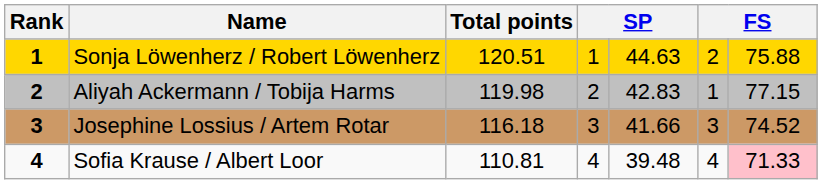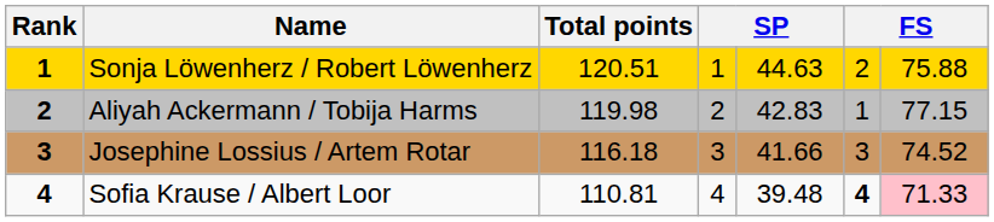 <table class="wikitable sortable">
 <tr>
 <th>Rank</th>
 <th>Name</th>
 <th>Total points</th>
 <th colspan="2" width="80px"><a href='#'>SP</a></th>
 <th colspan="2" width="80px"><a href='#'>FS</a></th>
 </tr>
 <tr bgcolor="gold">
 <td align="center"><strong>1</strong></td>
 <td>Sonja Löwenherz / Robert Löwenherz</td>
 <td align="center">120.51</td>
 <td align="center">1</td>
 <td align="center">44.63</td>
 <td align="center">2</td>
 <td align="center">75.88</td>
 </tr>
 <tr bgcolor="silver">
 <td align="center"><strong>2</strong></td>
 <td>Aliyah Ackermann / Tobija Harms</td>
 <td align="center">119.98</td>
 <td align="center">2</td>
 <td align="center">42.83</td>
 <td align="center">1</td>
 <td align="center">77.15</td>
 </tr>
 <tr bgcolor="cc9966">
 <td align="center"><strong>3</strong></td>
 <td>Josephine Lossius / Artem Rotar</td>
 <td align="center">116.18</td>
 <td align="center">3</td>
 <td align="center">41.66</td>
 <td align="center">3</td>
 <td align="center">74.52</td>
 </tr>
 <tr>
 <td align="center"><strong>4</strong></td>
 <td>Sofia Krause / Albert Loor</td>
 <td align="center">110.81</td>
 <td align="center">4</td>
 <td align="center">39.48</td>
-<td align="center">4</td>
+<td align="center"><strong>4</strong></td>
 <td align="center" style="background: pink;">71.33</td>
 </tr>
 </table>
